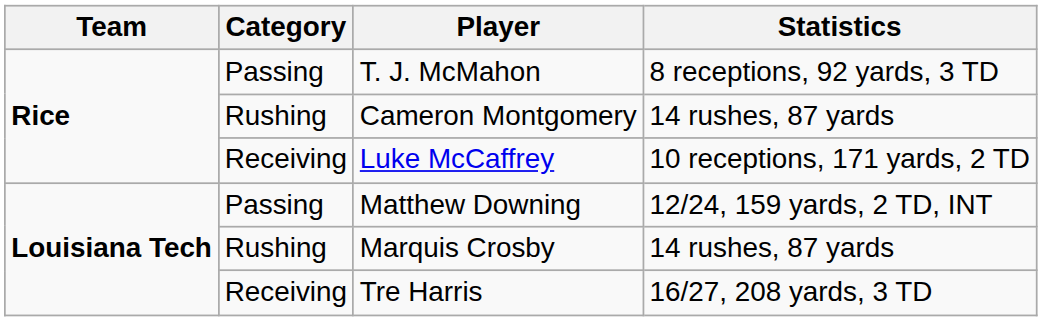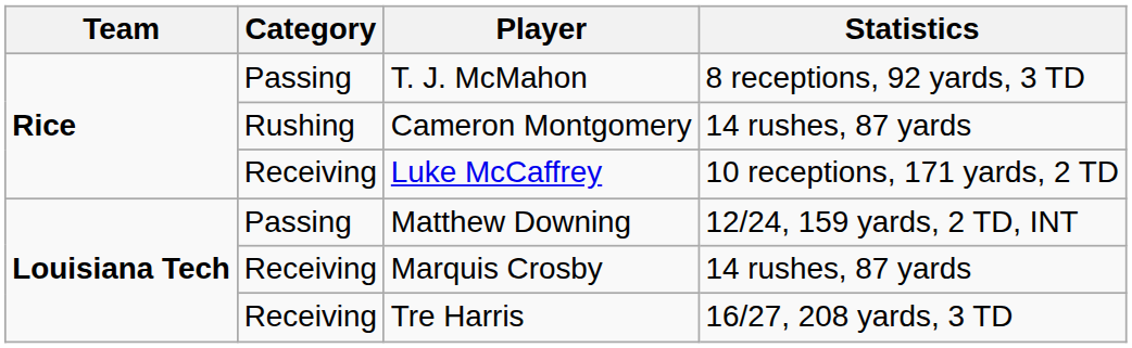 <table class="wikitable" style="float: left;">
 <tr>
 <th>Team</th>
 <th>Category</th>
 <th>Player</th>
 <th>Statistics</th>
 </tr>
 <tr>
 <td rowspan=3><strong>Rice</strong></td>
 <td>Passing</td>
 <td>T. J. McMahon</td>
 <td>8 receptions, 92 yards, 3 TD</td>
 </tr>
 <tr>
 <td>Rushing</td>
 <td>Cameron Montgomery</td>
 <td>14 rushes, 87 yards</td>
 </tr>
 <tr>
 <td>Receiving</td>
 <td><a href='#'>Luke McCaffrey</a></td>
 <td>10 receptions, 171 yards, 2 TD</td>
 </tr>
 <tr>
 <td rowspan=3><strong>Louisiana Tech</strong></td>
 <td>Passing</td>
 <td>Matthew Downing</td>
 <td>12/24, 159 yards, 2 TD, INT</td>
 </tr>
 <tr>
-<td>Rushing</td>
+<td>Receiving</td>
 <td>Marquis Crosby</td>
 <td>14 rushes, 87 yards</td>
 </tr>
 <tr>
 <td>Receiving</td>
 <td>Tre Harris</td>
 <td>16/27, 208 yards, 3 TD</td>
 </tr>
 </table>
